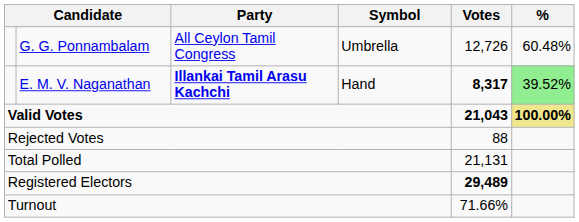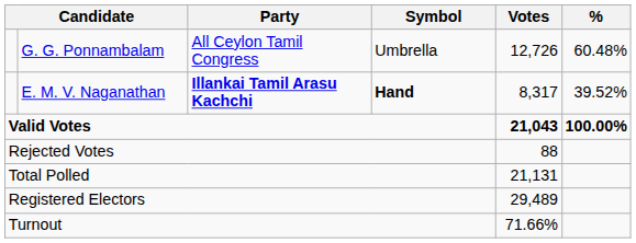 <table class="wikitable" border="1" style="text-align:right;">
 <tr>
 <th align=left colspan=2 width="180">Candidate</th>
 <th align=left width="180">Party</th>
 <th align=left width="120">Symbol</th>
 <th align=left width="60">Votes</th>
 <th align=left width="60">%</th>
 </tr>
 <tr>
 <td bgcolor=> </td>
 <td align=left><a href='#'>G. G. Ponnambalam</a></td>
 <td align=left><a href='#'>All Ceylon Tamil Congress</a></td>
 <td align=left>Umbrella</td>
 <td>12,726</td>
 <td>60.48%</td>
 </tr>
 <tr>
 <td bgcolor=> </td>
 <td align=left><a href='#'>E. M. V. Naganathan</a></td>
 <td align=left><strong><a href='#'>Illankai Tamil Arasu Kachchi</a></strong></td>
-<td align=left>Hand</td>
-<td><strong>8,317</strong></td>
-<td style="background: lightgreen;">39.52%</td>
+<td align=left><strong>Hand</strong></td>
+<td>8,317</td>
+<td>39.52%</td>
 </tr>
 <tr>
 <td align=left colspan=4><strong>Valid Votes</strong></td>
 <td><strong>21,043</strong></td>
-<td style="background: khaki;"><strong>100.00%</strong></td>
+<td><strong>100.00%</strong></td>
 </tr>
 <tr>
 <td align=left colspan=4>Rejected Votes</td>
 <td>88</td>
 <td></td>
 </tr>
 <tr>
 <td align=left colspan=4>Total Polled</td>
 <td>21,131</td>
 <td></td>
 </tr>
 <tr>
 <td align=left colspan=4>Registered Electors</td>
-<td><strong>29,489</strong></td>
+<td>29,489</td>
 <td></td>
 </tr>
 <tr>
 <td align=left colspan=4>Turnout</td>
 <td>71.66%</td>
 </tr>
 </table>
